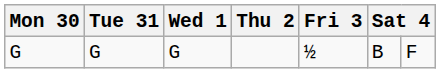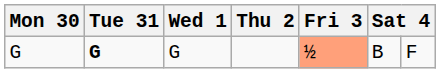 <table class="wikitable olympic-schedule handball">
 <tr>
 <th>Mon 30</th>
 <th>Tue 31</th>
 <th>Wed 1</th>
 <th>Thu 2</th>
 <th>Fri 3</th>
 <th colspan="2">Sat 4</th>
 </tr>
 <tr>
 <td class="team-group">G</td>
-<td class="team-group">G</td>
+<td class="team-group"><strong>G</strong></td>
 <td class="team-group">G</td>
 <td></td>
-<td class="team-sf">½</td>
+<td class="team-sf" style="background: lightsalmon;">½</td>
 <td class="team-bronze">B</td>
 <td class="team-final">F</td>
 </tr>
 </table>
